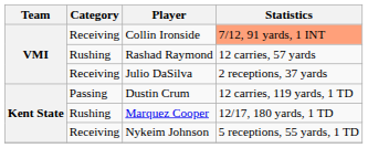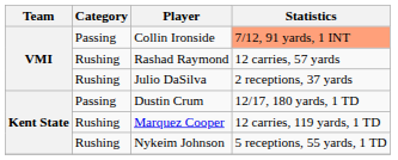 <table class="wikitable" style="float: left;">
 <tr>
 <th>Team</th>
 <th>Category</th>
 <th>Player</th>
 <th>Statistics</th>
 </tr>
 <tr>
 <th rowspan=3>VMI</th>
-<td>Receiving</td>
+<td>Passing</td>
 <td>Collin Ironside</td>
 <td style="background: lightsalmon;">7/12, 91 yards, 1 INT</td>
 </tr>
 <tr>
 <td>Rushing</td>
 <td>Rashad Raymond</td>
 <td>12 carries, 57 yards</td>
 </tr>
 <tr>
-<td>Receiving</td>
+<td>Rushing</td>
 <td>Julio DaSilva</td>
 <td>2 receptions, 37 yards</td>
 </tr>
 <tr>
 <th rowspan=3 style=>Kent State</th>
 <td>Passing</td>
 <td>Dustin Crum</td>
+<td>12/17, 180 yards, 1 TD</td>
+</tr>
+<tr>
+<td>Rushing</td>
+<td><a href='#'>Marquez Cooper</a></td>
 <td>12 carries, 119 yards, 1 TD</td>
 </tr>
 <tr>
 <td>Rushing</td>
-<td><a href='#'>Marquez Cooper</a></td>
-<td>12/17, 180 yards, 1 TD</td>
-</tr>
-<tr>
-<td>Receiving</td>
 <td>Nykeim Johnson</td>
 <td>5 receptions, 55 yards, 1 TD</td>
 </tr>
 <tr>
 </tr>
 </table>
